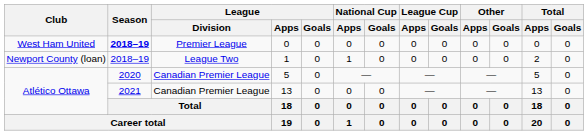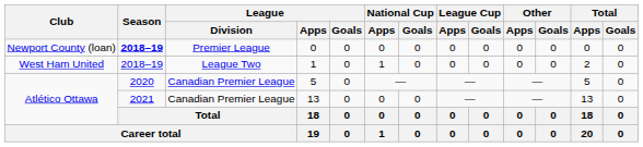 <table class="wikitable" style="text-align: center">
 <tr>
 <th rowspan="2">Club</th>
 <th rowspan="2">Season</th>
 <th colspan="3">League</th>
 <th colspan="2">National Cup</th>
 <th colspan="2">League Cup</th>
 <th colspan="2">Other</th>
 <th colspan="2">Total</th>
 </tr>
 <tr>
 <th>Division</th>
 <th>Apps</th>
 <th>Goals</th>
 <th>Apps</th>
 <th>Goals</th>
 <th>Apps</th>
 <th>Goals</th>
 <th>Apps</th>
 <th>Goals</th>
 <th>Apps</th>
 <th>Goals</th>
 </tr>
 <tr>
-<td rowspan="1"><a href='#'>West Ham United</a></td>
+<td><a href='#'>Newport County</a> (loan)</td>
 <td><strong><a href='#'>2018–19</a></strong></td>
 <td><a href='#'>Premier League</a></td>
 <td>0</td>
 <td>0</td>
 <td>0</td>
 <td>0</td>
 <td>0</td>
 <td>0</td>
 <td>0</td>
 <td>0</td>
 <td>0</td>
 <td>0</td>
 </tr>
 <tr>
-<td><a href='#'>Newport County</a> (loan)</td>
+<td rowspan="1"><a href='#'>West Ham United</a></td>
 <td><a href='#'>2018–19</a></td>
 <td><a href='#'>League Two</a></td>
 <td>1</td>
 <td>0</td>
 <td>1</td>
 <td>0</td>
 <td>0</td>
 <td>0</td>
 <td>0</td>
 <td>0</td>
 <td>2</td>
 <td>0</td>
 </tr>
 <tr>
 <td rowspan=3><a href='#'>Atlético Ottawa</a></td>
 <td><a href='#'>2020</a></td>
 <td><a href='#'>Canadian Premier League</a></td>
 <td>5</td>
 <td>0</td>
 <td colspan="2">—</td>
 <td colspan="2">—</td>
 <td colspan="2">—</td>
 <td>5</td>
 <td>0</td>
 </tr>
 <tr>
 <td><a href='#'>2021</a></td>
 <td>Canadian Premier League</td>
 <td>13</td>
 <td>0</td>
 <td>0</td>
 <td>0</td>
 <td colspan="2">—</td>
 <td colspan="2">—</td>
 <td>13</td>
 <td>0</td>
 </tr>
 <tr>
 <th colspan="2">Total</th>
 <th>18</th>
 <th>0</th>
 <th>0</th>
 <th>0</th>
 <th>0</th>
 <th>0</th>
 <th>0</th>
 <th>0</th>
 <th>18</th>
 <th>0</th>
 </tr>
 <tr>
 <th colspan="3">Career total</th>
 <th>19</th>
 <th>0</th>
 <th>1</th>
 <th>0</th>
 <th>0</th>
 <th>0</th>
 <th>0</th>
 <th>0</th>
 <th>20</th>
 <th>0</th>
 </tr>
 </table>
